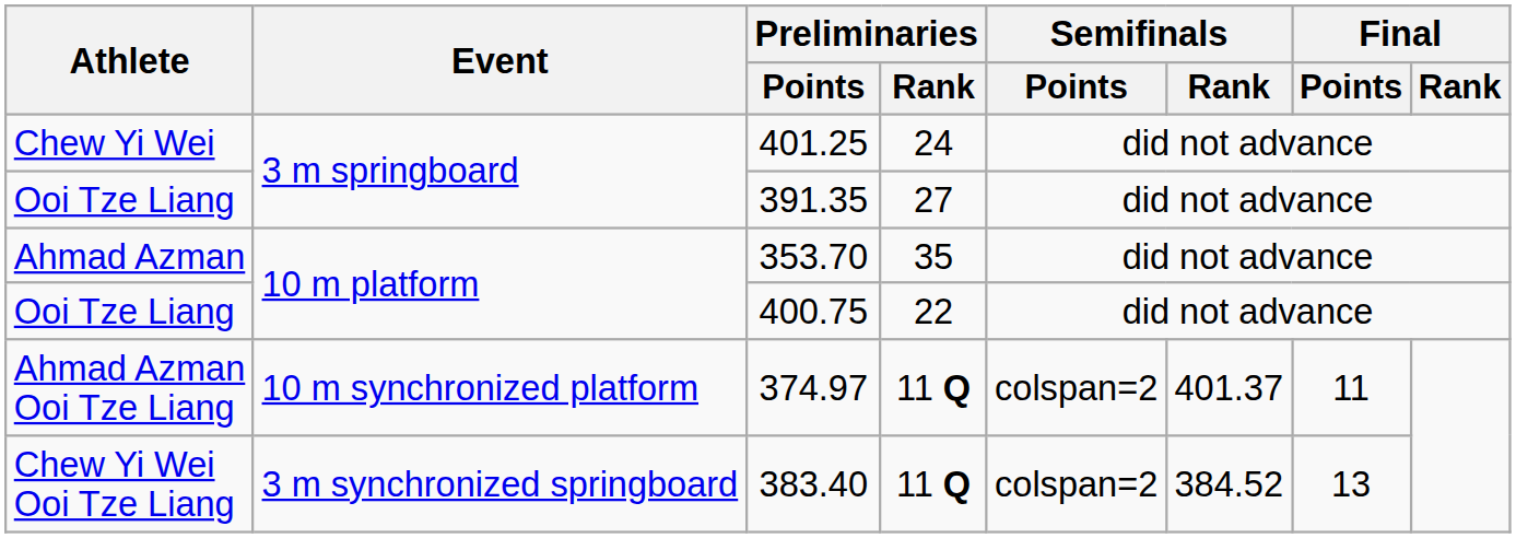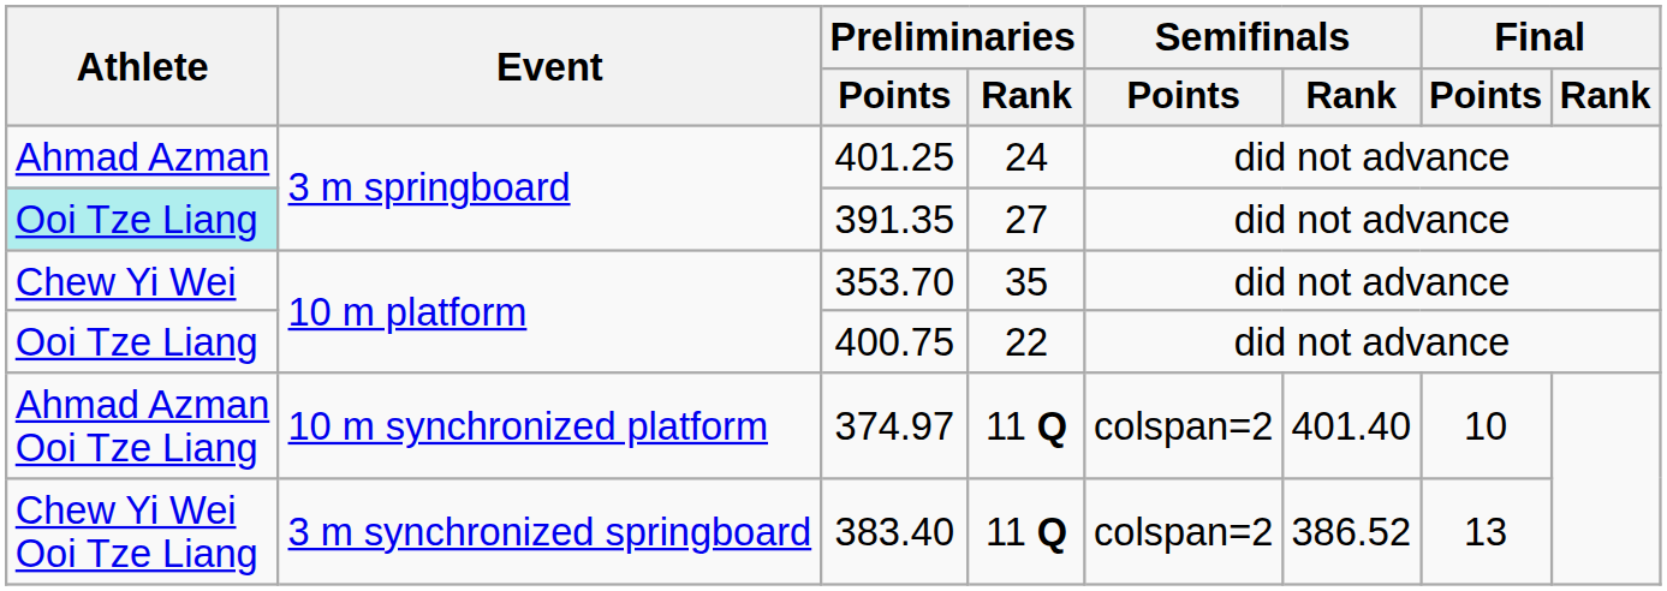 <table class=wikitable style="font-size:90%;">
 <tr>
 <th rowspan="2">Athlete</th>
 <th rowspan="2">Event</th>
 <th colspan="2">Preliminaries</th>
 <th colspan="2">Semifinals</th>
 <th colspan="2">Final</th>
 </tr>
 <tr style="font-size:95%">
 <th>Points</th>
 <th>Rank</th>
 <th>Points</th>
 <th>Rank</th>
 <th>Points</th>
 <th>Rank</th>
 </tr>
 <tr align=center>
-<td align=left><a href='#'>Chew Yi Wei</a></td>
+<td align=left><a href='#'>Ahmad Azman</a></td>
 <td align=left rowspan=2><a href='#'>3 m springboard</a></td>
 <td>401.25</td>
 <td>24</td>
 <td colspan=4>did not advance</td>
 </tr>
 <tr align=center>
-<td align=left><a href='#'>Ooi Tze Liang</a></td>
+<td align=left style="background: paleturquoise;"><a href='#'>Ooi Tze Liang</a></td>
 <td>391.35</td>
 <td>27</td>
 <td colspan=4>did not advance</td>
 </tr>
 <tr align=center>
-<td align=left><a href='#'>Ahmad Azman</a></td>
+<td align=left><a href='#'>Chew Yi Wei</a></td>
 <td align=left rowspan=2><a href='#'>10 m platform</a></td>
 <td>353.70</td>
 <td>35</td>
 <td colspan=4>did not advance</td>
 </tr>
 <tr align=center>
 <td align=left><a href='#'>Ooi Tze Liang</a></td>
 <td>400.75</td>
 <td>22</td>
 <td colspan=4>did not advance</td>
 </tr>
 <tr align=center>
 <td align=left><a href='#'>Ahmad Azman</a><br><a href='#'>Ooi Tze Liang</a></td>
 <td align=left><a href='#'>10 m synchronized platform</a></td>
 <td>374.97</td>
 <td>11 <strong>Q</strong></td>
 <td>colspan=2 </td>
-<td>401.37</td>
-<td>11</td>
+<td>401.40</td>
+<td>10</td>
 </tr>
 <tr align=center>
 <td align=left><a href='#'>Chew Yi Wei</a><br><a href='#'>Ooi Tze Liang</a></td>
 <td align=left><a href='#'>3 m synchronized springboard</a></td>
 <td>383.40</td>
 <td>11 <strong>Q</strong></td>
 <td>colspan=2 </td>
-<td>384.52</td>
+<td>386.52</td>
 <td>13</td>
 </tr>
 </table>
